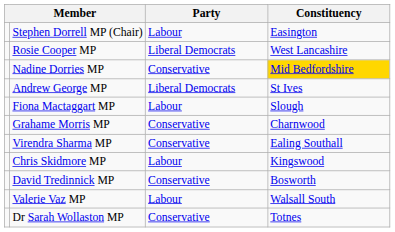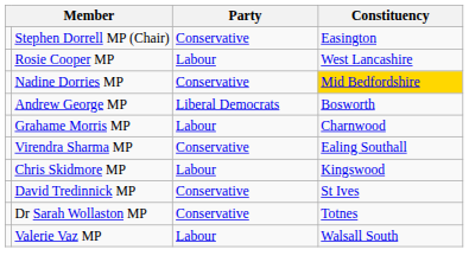 <table class="wikitable">
 <tr>
 <th width="160px" colspan="2" valign="top">Member</th>
 <th width="160px" valign="top">Party</th>
 <th width="160px" valign="top">Constituency</th>
 </tr>
 <tr>
 <td style="color:inherit;background:"></td>
 <td><a href='#'>Stephen Dorrell</a> MP (Chair)</td>
-<td><a href='#'>Labour</a></td>
+<td><a href='#'>Conservative</a></td>
 <td><a href='#'>Easington</a></td>
 </tr>
 <tr>
 <td style="color:inherit;background:"></td>
 <td><a href='#'>Rosie Cooper</a> MP</td>
-<td><a href='#'>Liberal Democrats</a></td>
+<td><a href='#'>Labour</a></td>
 <td><a href='#'>West Lancashire</a></td>
 </tr>
 <tr>
 <td style="color:inherit;background:"></td>
 <td><a href='#'>Nadine Dorries</a> MP</td>
 <td><a href='#'>Conservative</a></td>
 <td style="background: gold;"><a href='#'>Mid Bedfordshire</a></td>
 </tr>
 <tr>
 <td style="color:inherit;background:"></td>
 <td><a href='#'>Andrew George</a> MP</td>
 <td><a href='#'>Liberal Democrats</a></td>
-<td><a href='#'>St Ives</a></td>
-</tr>
-<tr>
-<td style="color:inherit;background:"></td>
-<td><a href='#'>Fiona Mactaggart</a> MP</td>
-<td><a href='#'>Labour</a></td>
-<td><a href='#'>Slough</a></td>
+<td><a href='#'>Bosworth</a></td>
 </tr>
 <tr>
 <td style="color:inherit;background:"></td>
 <td><a href='#'>Grahame Morris</a> MP</td>
-<td><a href='#'>Conservative</a></td>
+<td><a href='#'>Labour</a></td>
 <td><a href='#'>Charnwood</a></td>
 </tr>
 <tr>
 <td style="color:inherit;background:"></td>
 <td><a href='#'>Virendra Sharma</a> MP</td>
 <td><a href='#'>Conservative</a></td>
 <td><a href='#'>Ealing Southall</a></td>
 </tr>
 <tr>
 <td style="color:inherit;background:"></td>
 <td><a href='#'>Chris Skidmore</a> MP</td>
 <td><a href='#'>Labour</a></td>
 <td><a href='#'>Kingswood</a></td>
 </tr>
 <tr>
 <td style="color:inherit;background:"></td>
 <td><a href='#'>David Tredinnick</a> MP</td>
 <td><a href='#'>Conservative</a></td>
-<td><a href='#'>Bosworth</a></td>
+<td><a href='#'>St Ives</a></td>
+</tr>
+<tr>
+<td style="color:inherit;background:"></td>
+<td>Dr <a href='#'>Sarah Wollaston</a> MP</td>
+<td><a href='#'>Conservative</a></td>
+<td><a href='#'>Totnes</a></td>
 </tr>
 <tr>
 <td style="color:inherit;background:"></td>
 <td><a href='#'>Valerie Vaz</a> MP</td>
 <td><a href='#'>Labour</a></td>
 <td><a href='#'>Walsall South</a></td>
 </tr>
-<tr>
-<td style="color:inherit;background:"></td>
-<td>Dr <a href='#'>Sarah Wollaston</a> MP</td>
-<td><a href='#'>Conservative</a></td>
-<td><a href='#'>Totnes</a></td>
-</tr>
 </table>
